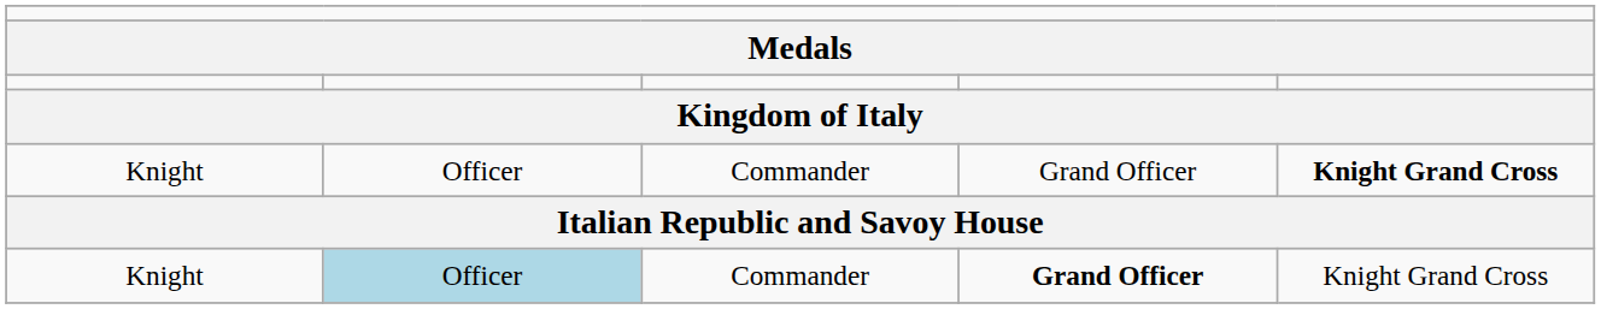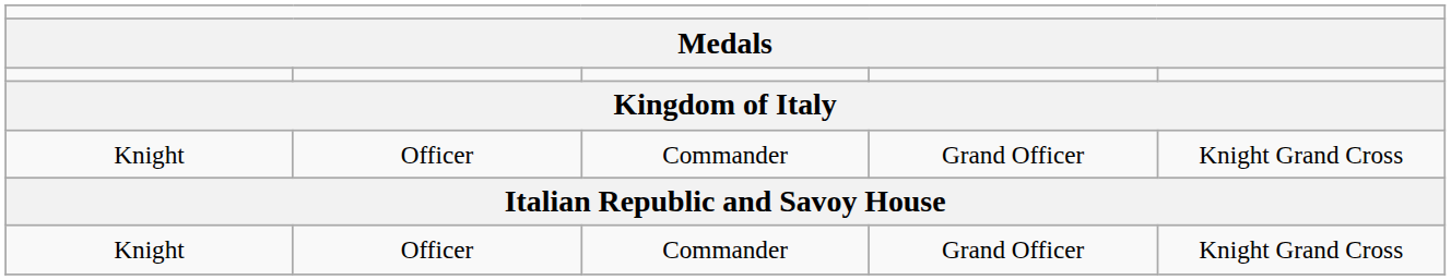 <table align=center class=wikitable width=60% style="margin:1em auto;">
 <tr>
 <td colspan="5" align="center"></td>
 </tr>
 <tr>
 <th colspan=5>Medals</th>
 </tr>
 <tr>
 <td width=20% valign=top align=center></td>
 <td width=20% valign=top align=center></td>
 <td width=20% valign=top align=center></td>
 <td width=20% valign=top align=center></td>
 <td width=20% valign=top align=center></td>
 </tr>
 <tr>
 <th colspan=5>Kingdom of Italy</th>
 </tr>
 <tr>
 <td width=20% valign=top align=center><small>Knight</small></td>
 <td width=20% valign=top align=center><small>Officer</small></td>
 <td width=20% valign=top align=center><small>Commander</small></td>
 <td width=20% valign=top align=center><small>Grand Officer</small></td>
-<td width=20% valign=top align=center><strong><small>Knight Grand Cross</small></strong></td>
+<td width=20% valign=top align=center><small>Knight Grand Cross</small></td>
 </tr>
 <tr>
 <th colspan=5>Italian Republic and Savoy House</th>
 </tr>
 <tr>
 <td width=20% valign=top align=center><small>Knight</small></td>
-<td width=20% valign=top align=center style="background: lightblue;"><small>Officer</small></td>
+<td width=20% valign=top align=center><small>Officer</small></td>
 <td width=20% valign=top align=center><small>Commander</small></td>
-<td width=20% valign=top align=center><strong><small>Grand Officer</small></strong></td>
+<td width=20% valign=top align=center><small>Grand Officer</small></td>
 <td width=20% valign=top align=center><small>Knight Grand Cross</small></td>
 </tr>
 </table>
